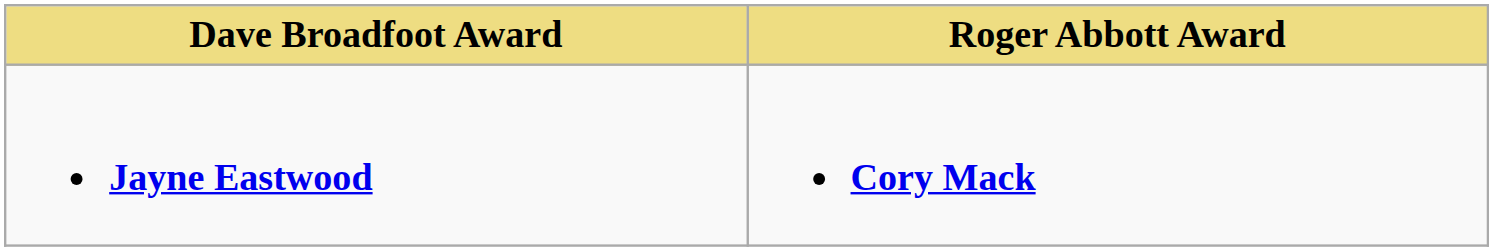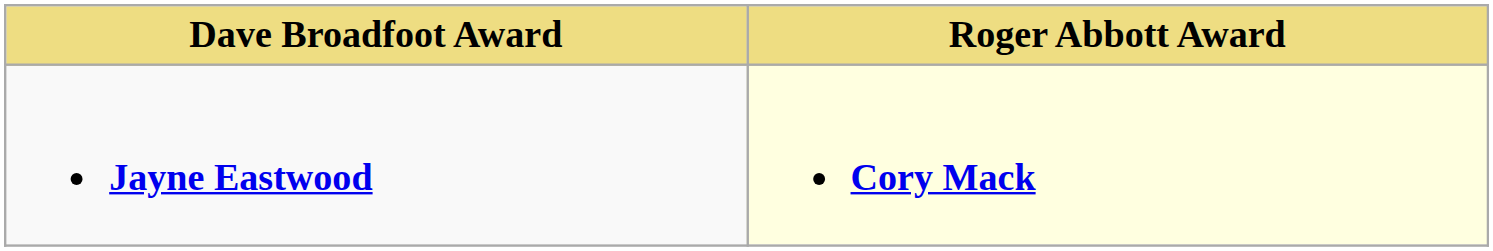 <table class="wikitable" style="width:100%">
 <tr>
 <th style="background:#EEDD82; width:50%">Dave Broadfoot Award</th>
 <th style="background:#EEDD82; width:50%">Roger Abbott Award</th>
 </tr>
 <tr>
 <td valign="top"><br><ul><li> <strong><a href='#'>Jayne Eastwood</a></strong></li></ul></td>
-<td valign="top"><br><ul><li> <strong><a href='#'>Cory Mack</a></strong></li></ul></td>
+<td valign="top" style="background: lightyellow;"><br><ul><li> <strong><a href='#'>Cory Mack</a></strong></li></ul></td>
 </tr>
 </table>
